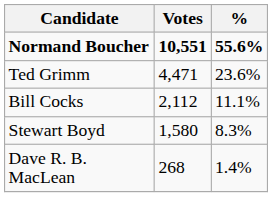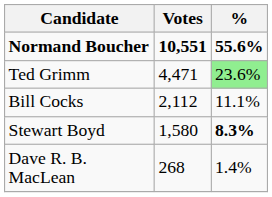 <table class="wikitable" style="width:240px">
 <tr>
 <th>Candidate</th>
 <th>Votes</th>
 <th>%</th>
 </tr>
 <tr>
 <td><strong>Normand Boucher</strong></td>
 <td><strong>10,551</strong></td>
 <td><strong>55.6%</strong></td>
 </tr>
 <tr>
 <td>Ted Grimm</td>
 <td>4,471</td>
-<td>23.6%</td>
+<td style="background: lightgreen;">23.6%</td>
 </tr>
 <tr>
 <td>Bill Cocks</td>
 <td>2,112</td>
 <td>11.1%</td>
 </tr>
 <tr>
 <td>Stewart Boyd</td>
 <td>1,580</td>
-<td>8.3%</td>
+<td><strong>8.3%</strong></td>
 </tr>
 <tr>
 <td>Dave R. B. MacLean</td>
 <td>268</td>
 <td>1.4%</td>
 </tr>
 <tr>
 </tr>
 </table>
